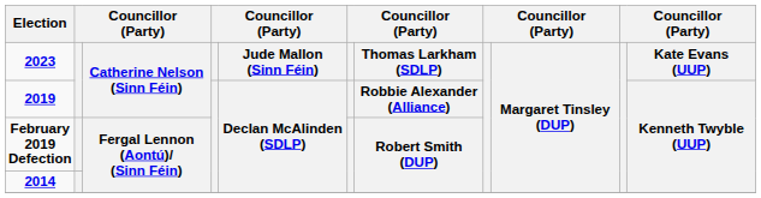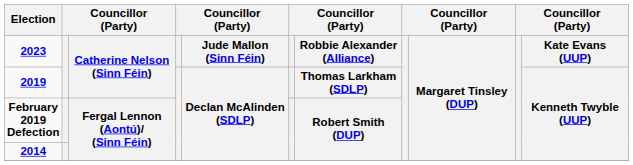 <table class="wikitable" style="text-align:center">
 <tr>
 <th scope="col" width="50">Election</th>
 <th scope="col" width="150" colspan = "2">Councillor<br> (Party)</th>
 <th scope="col" width="150" colspan = "2">Councillor<br> (Party)</th>
 <th scope="col" width="150" colspan = "2">Councillor<br> (Party)</th>
 <th scope="col" width="150" colspan = "2">Councillor<br> (Party)</th>
 <th scope="col" width="150" colspan = "2">Councillor<br> (Party)</th>
 </tr>
 <tr>
 <td><strong><a href='#'>2023</a></strong></td>
 <th rowspan="2" width="1" style="background-color: "></th>
 <th rowspan = "2"><a href='#'>Catherine Nelson</a> <br> (<a href='#'>Sinn Féin</a>)</th>
 <th rowspan="1" width="1" style="background-color: "></th>
 <th rowspan = "1">Jude Mallon <br> (<a href='#'>Sinn Féin</a>)</th>
 <th rowspan="1" width="1" style="background-color: "></th>
-<th rowspan = "1">Thomas Larkham <br> (<a href='#'>SDLP</a>)</th>
+<th rowspan = "1">Robbie Alexander <br> (<a href='#'>Alliance</a>)</th>
 <th rowspan="4" width="1" style="background-color: "></th>
 <th rowspan = "4">Margaret Tinsley <br> (<a href='#'>DUP</a>)</th>
 <th rowspan="4" width="1" style="background-color: "></th>
 <th rowspan = "1">Kate Evans <br> (<a href='#'>UUP</a>)</th>
 </tr>
 <tr>
 <td><strong><a href='#'>2019</a></strong></td>
 <th rowspan="3" width="1" style="background-color: "></th>
 <th rowspan = "3">Declan McAlinden <br> (<a href='#'>SDLP</a>)</th>
 <th rowspan="1" width="1" style="background-color: "></th>
-<th rowspan = "1">Robbie Alexander <br> (<a href='#'>Alliance</a>)</th>
+<th rowspan = "1">Thomas Larkham <br> (<a href='#'>SDLP</a>)</th>
 <th rowspan = "3">Kenneth Twyble <br> (<a href='#'>UUP</a>)</th>
 </tr>
 <tr>
 <td><strong>February 2019 Defection</strong></td>
 <th rowspan="1" width="1" style="background-color: "></th>
 <th rowspan = "2">Fergal Lennon <br> (<a href='#'>Aontú</a>)/ <br> (<a href='#'>Sinn Féin</a>)</th>
 <th rowspan="2" width="1" style="background-color: "></th>
 <th rowspan = "2">Robert Smith <br> (<a href='#'>DUP</a>)</th>
 </tr>
 <tr>
 <td><strong><a href='#'>2014</a></strong></td>
 <th rowspan="1" width="1" style="background-color: "></th>
 </tr>
 <tr>
 </tr>
 </table>
